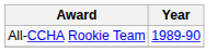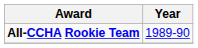 <table class="wikitable">
 <tr>
 <th>Award</th>
 <th>Year</th>
 </tr>
 <tr>
-<td>All-<a href='#'>CCHA</a> <a href='#'>Rookie Team</a></td>
+<td><strong>All-<a href='#'>CCHA</a> <a href='#'>Rookie Team</a></strong></td>
 <td><a href='#'>1989-90</a></td>
 </tr>
 <tr>
 </tr>
 </table>
